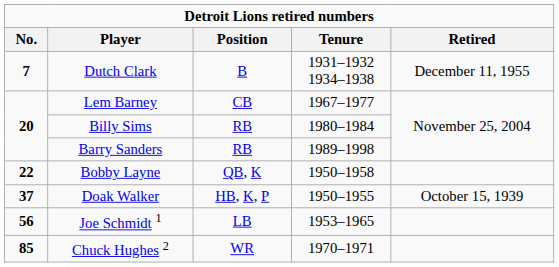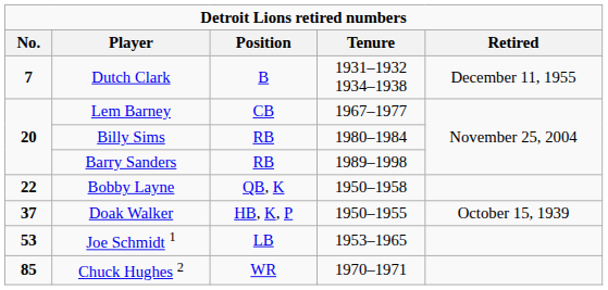 <table class="wikitable sortable" style="text-align:center">
 <tr>
 <td colspan="5"><strong>Detroit Lions retired numbers</strong></td>
 </tr>
 <tr>
 <th width=40px>No.</th>
 <th width=150px>Player</th>
 <th width=100px>Position</th>
 <th width=100px>Tenure</th>
 <th width=170px>Retired</th>
 </tr>
 <tr>
 <td><strong>7</strong></td>
 <td><a href='#'>Dutch Clark</a></td>
 <td><a href='#'>B</a></td>
 <td>1931–1932<br>1934–1938</td>
 <td>December 11, 1955</td>
 </tr>
 <tr>
 <td rowspan=3><strong>20</strong></td>
 <td><a href='#'>Lem Barney</a></td>
 <td><a href='#'>CB</a></td>
 <td>1967–1977</td>
 <td rowspan=3>November 25, 2004</td>
 </tr>
 <tr>
 <td><a href='#'>Billy Sims</a></td>
 <td><a href='#'>RB</a></td>
 <td>1980–1984</td>
 </tr>
 <tr>
 <td><a href='#'>Barry Sanders</a></td>
 <td><a href='#'>RB</a></td>
 <td>1989–1998</td>
 </tr>
 <tr>
 <td><strong>22</strong></td>
 <td><a href='#'>Bobby Layne</a></td>
 <td><a href='#'>QB</a>, <a href='#'>K</a></td>
 <td>1950–1958</td>
 <td></td>
 </tr>
 <tr>
 <td><strong>37</strong></td>
 <td><a href='#'>Doak Walker</a></td>
 <td><a href='#'>HB</a>, <a href='#'>K</a>, <a href='#'>P</a></td>
 <td>1950–1955</td>
 <td>October 15, 1939</td>
 </tr>
 <tr>
-<td><strong>56</strong></td>
+<td><strong>53</strong></td>
 <td><a href='#'>Joe Schmidt</a> <sup>1</sup></td>
 <td><a href='#'>LB</a></td>
 <td>1953–1965</td>
 <td></td>
 </tr>
 <tr>
 <td><strong>85</strong></td>
 <td><a href='#'>Chuck Hughes</a> <sup>2</sup></td>
 <td><a href='#'>WR</a></td>
 <td>1970–1971</td>
 <td></td>
 </tr>
 </table>
